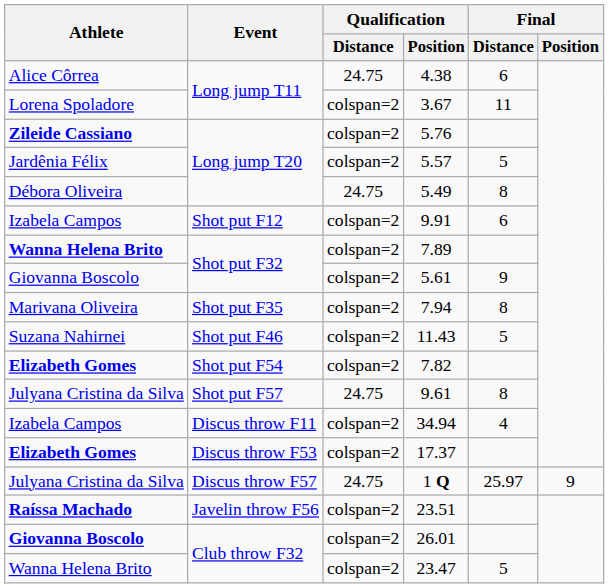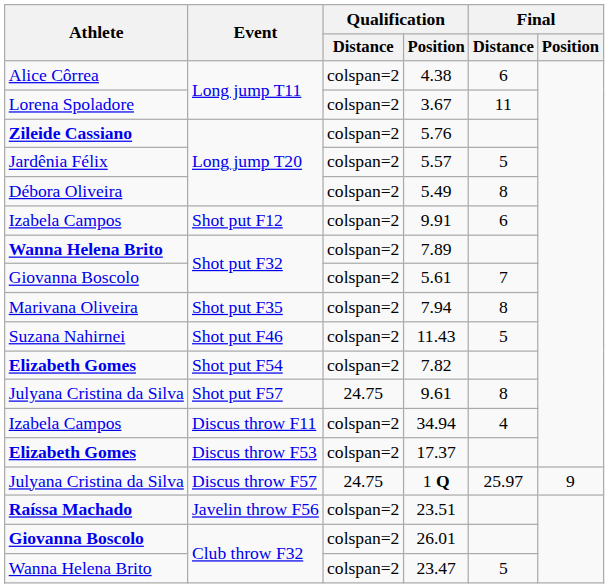 <table class="wikitable" style="font-size:90%">
 <tr>
 <th rowspan="2">Athlete</th>
 <th rowspan="2">Event</th>
 <th colspan="2">Qualification</th>
 <th colspan="2">Final</th>
 </tr>
 <tr style="font-size:95%">
 <th>Distance</th>
 <th>Position</th>
 <th>Distance</th>
 <th>Position</th>
 </tr>
 <tr align=center>
 <td align=left><a href='#'>Alice Côrrea</a></td>
 <td align=left rowspan=2><a href='#'>Long jump T11</a></td>
-<td>24.75</td>
+<td>colspan=2 </td>
 <td>4.38</td>
 <td>6</td>
 </tr>
 <tr align=center>
 <td align=left><a href='#'>Lorena Spoladore</a></td>
 <td>colspan=2 </td>
 <td>3.67</td>
 <td>11</td>
 </tr>
 <tr align=center>
 <td align=left><strong><a href='#'>Zileide Cassiano</a></strong></td>
 <td align=left rowspan=3><a href='#'>Long jump T20</a></td>
 <td>colspan=2 </td>
 <td>5.76</td>
 <td></td>
 </tr>
 <tr align=center>
 <td align=left><a href='#'>Jardênia Félix</a></td>
 <td>colspan=2 </td>
 <td>5.57</td>
 <td>5</td>
 </tr>
 <tr align=center>
 <td align=left><a href='#'>Débora Oliveira</a></td>
-<td>24.75</td>
+<td>colspan=2 </td>
 <td>5.49</td>
 <td>8</td>
 </tr>
 <tr align=center>
 <td align=left><a href='#'>Izabela Campos</a></td>
 <td align=left><a href='#'>Shot put F12</a></td>
 <td>colspan=2 </td>
 <td>9.91</td>
 <td>6</td>
 </tr>
 <tr align=center>
 <td align=left><strong><a href='#'>Wanna Helena Brito</a></strong></td>
 <td align=left rowspan=2><a href='#'>Shot put F32</a></td>
 <td>colspan=2 </td>
 <td>7.89</td>
 <td></td>
 </tr>
 <tr align=center>
 <td align=left><a href='#'>Giovanna Boscolo</a></td>
 <td>colspan=2 </td>
 <td>5.61</td>
-<td>9</td>
+<td>7</td>
 </tr>
 <tr align=center>
 <td align=left><a href='#'>Marivana Oliveira</a></td>
 <td align=left><a href='#'>Shot put F35</a></td>
 <td>colspan=2 </td>
 <td>7.94</td>
 <td>8</td>
 </tr>
 <tr align=center>
 <td align=left><a href='#'>Suzana Nahirnei</a></td>
 <td align=left><a href='#'>Shot put F46</a></td>
 <td>colspan=2 </td>
 <td>11.43</td>
 <td>5</td>
 </tr>
 <tr align=center>
 <td align=left><strong><a href='#'>Elizabeth Gomes</a></strong></td>
 <td align=left><a href='#'>Shot put F54</a></td>
 <td>colspan=2 </td>
 <td>7.82</td>
 <td></td>
 </tr>
 <tr align=center>
 <td align=left><a href='#'>Julyana Cristina da Silva</a></td>
 <td align=left><a href='#'>Shot put F57</a></td>
 <td>24.75</td>
 <td>9.61</td>
 <td>8</td>
 </tr>
 <tr align=center>
 <td align=left><a href='#'>Izabela Campos</a></td>
 <td align=left><a href='#'>Discus throw F11</a></td>
 <td>colspan=2 </td>
 <td>34.94</td>
 <td>4</td>
 </tr>
 <tr align=center>
 <td align=left><strong><a href='#'>Elizabeth Gomes</a></strong></td>
 <td align=left><a href='#'>Discus throw F53</a></td>
 <td>colspan=2 </td>
 <td>17.37</td>
 <td></td>
 </tr>
 <tr align=center>
 <td align=left><a href='#'>Julyana Cristina da Silva</a></td>
 <td align=left><a href='#'>Discus throw F57</a></td>
 <td>24.75</td>
 <td>1 <strong>Q</strong></td>
 <td>25.97</td>
 <td>9</td>
 </tr>
 <tr align=center>
 <td align=left><strong><a href='#'>Raíssa Machado</a></strong></td>
 <td align=left><a href='#'>Javelin throw F56</a></td>
 <td>colspan=2 </td>
 <td>23.51</td>
 <td></td>
 </tr>
 <tr align=center>
 <td align=left><strong><a href='#'>Giovanna Boscolo</a></strong></td>
 <td align=left rowspan=2><a href='#'>Club throw F32</a></td>
 <td>colspan=2 </td>
 <td>26.01</td>
 <td></td>
 </tr>
 <tr align=center>
 <td align=left><a href='#'>Wanna Helena Brito</a></td>
 <td>colspan=2 </td>
 <td>23.47</td>
 <td>5</td>
 </tr>
 </table>
